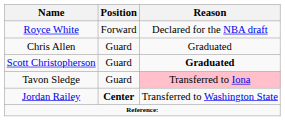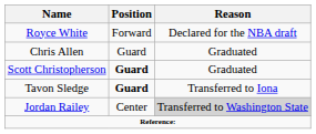 <table class="wikitable" style="text-align: center">
 <tr align=center>
 <th>Name</th>
 <th>Position</th>
 <th>Reason</th>
 </tr>
 <tr>
 <td><a href='#'>Royce White</a></td>
 <td>Forward</td>
 <td>Declared for the <a href='#'>NBA draft</a></td>
 </tr>
 <tr>
 <td>Chris Allen</td>
 <td>Guard</td>
 <td>Graduated</td>
 </tr>
 <tr>
 <td><a href='#'>Scott Christopherson</a></td>
-<td>Guard</td>
-<td><strong>Graduated</strong></td>
+<td><strong>Guard</strong></td>
+<td>Graduated</td>
 </tr>
 <tr>
 <td>Tavon Sledge</td>
-<td>Guard</td>
-<td style="background: pink;">Transferred to <a href='#'>Iona</a></td>
+<td><strong>Guard</strong></td>
+<td>Transferred to <a href='#'>Iona</a></td>
 </tr>
 <tr>
 <td><a href='#'>Jordan Railey</a></td>
-<td><strong>Center</strong></td>
-<td>Transferred to <a href='#'>Washington State</a></td>
+<td>Center</td>
+<td style="background: lightgrey;">Transferred to <a href='#'>Washington State</a></td>
 </tr>
 <tr>
 <td colspan="6"  style="font-size:8pt; text-align:center;"><strong>Reference:</strong></td>
 </tr>
 </table>
